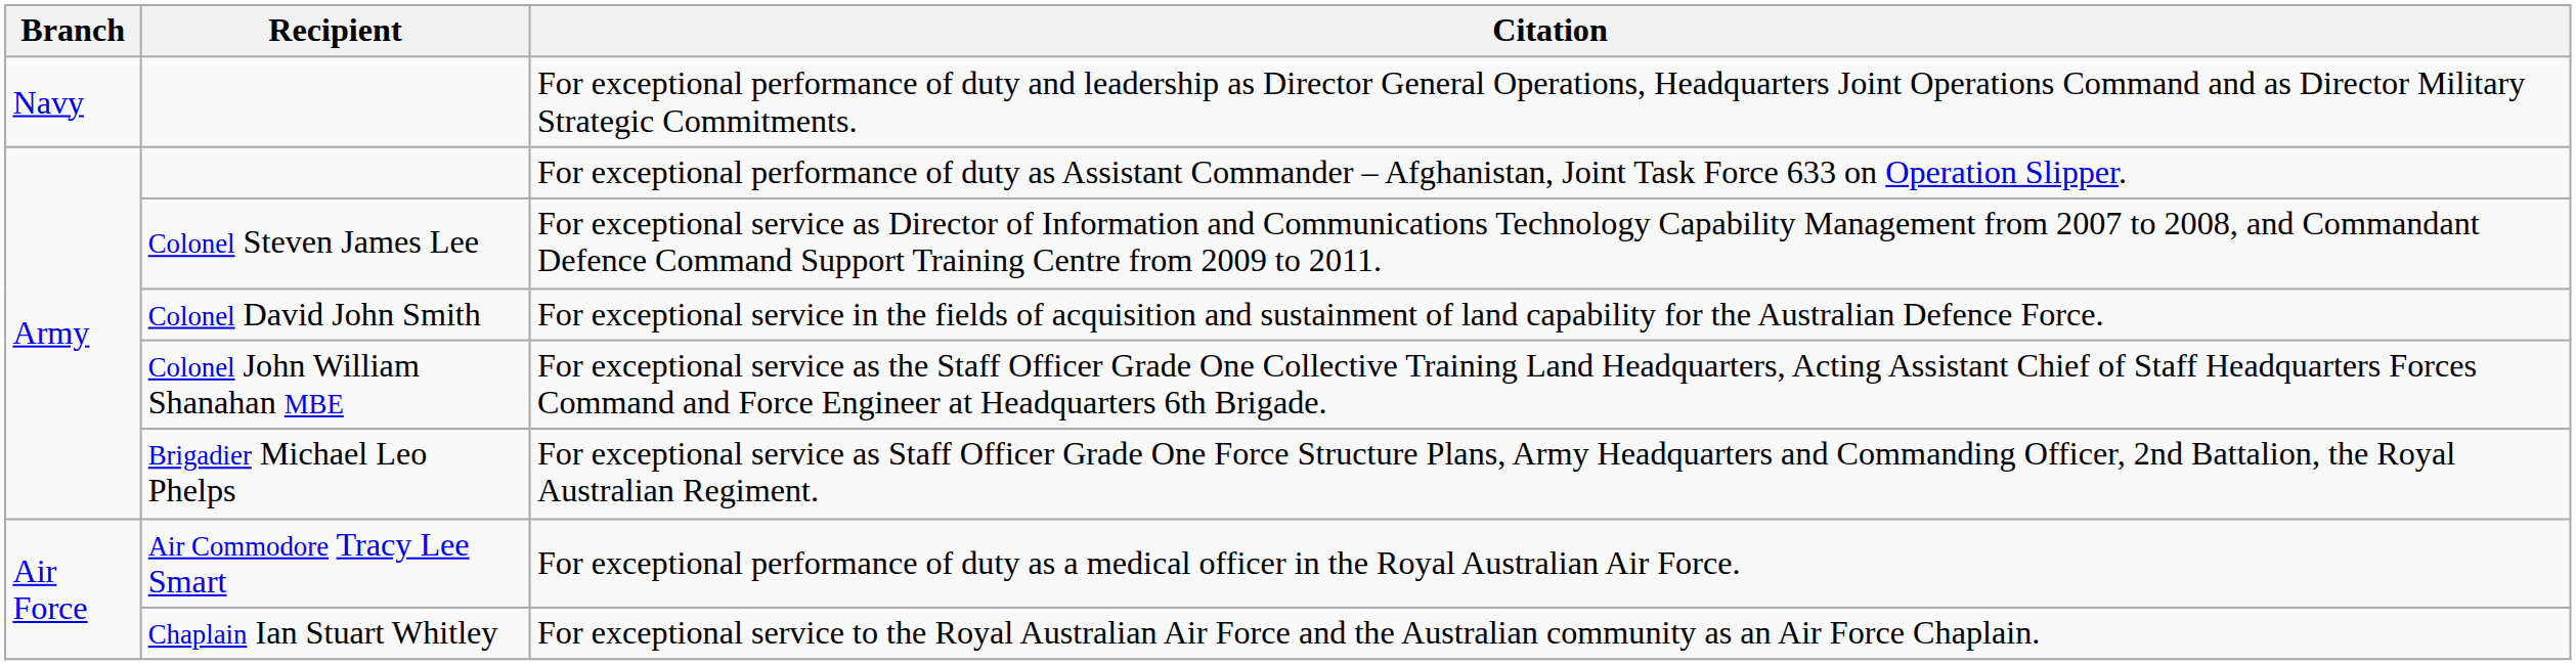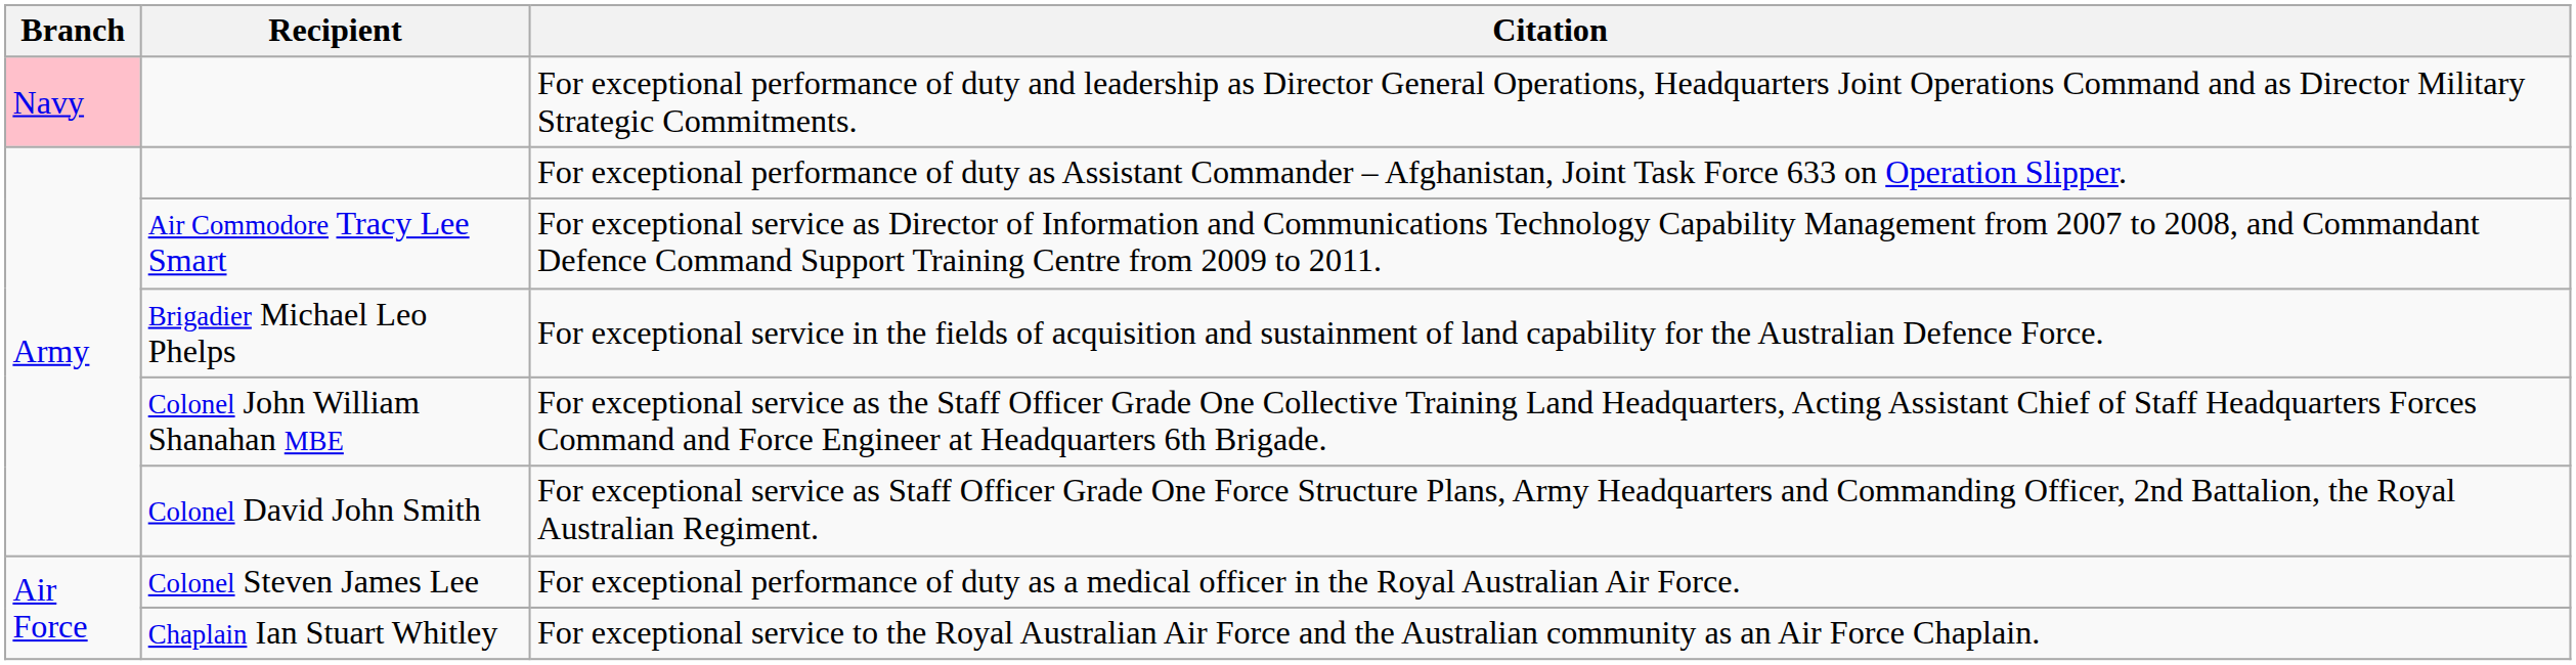 <table class=wikitable>
 <tr>
 <th>Branch</th>
 <th>Recipient</th>
 <th>Citation</th>
 </tr>
 <tr>
-<td rowspan="1"><a href='#'>Navy</a></td>
+<td rowspan="1" style="background: pink;"><a href='#'>Navy</a></td>
 <td></td>
 <td>For exceptional performance of duty and leadership as Director General Operations, Headquarters Joint Operations Command and as Director Military Strategic Commitments.</td>
 </tr>
 <tr>
 <td rowspan="5"><a href='#'>Army</a></td>
 <td></td>
 <td>For exceptional performance of duty as Assistant Commander – Afghanistan, Joint Task Force 633 on <a href='#'>Operation Slipper</a>.</td>
 </tr>
 <tr>
-<td><small><a href='#'>Colonel</a></small> Steven James Lee</td>
+<td><small><a href='#'>Air Commodore</a></small> <a href='#'>Tracy Lee Smart</a></td>
 <td>For exceptional service as Director of Information and Communications Technology Capability Management from 2007 to 2008, and Commandant Defence Command Support Training Centre from 2009 to 2011.</td>
 </tr>
 <tr>
-<td><small><a href='#'>Colonel</a></small> David John Smith</td>
+<td><small><a href='#'>Brigadier</a></small> Michael Leo Phelps</td>
 <td>For exceptional service in the fields of acquisition and sustainment of land capability for the Australian Defence Force.</td>
 </tr>
 <tr>
 <td><small><a href='#'>Colonel</a></small> John William Shanahan <small><a href='#'>MBE</a></small></td>
 <td>For exceptional service as the Staff Officer Grade One Collective Training Land Headquarters, Acting Assistant Chief of Staff Headquarters Forces Command and Force Engineer at Headquarters 6th Brigade.</td>
 </tr>
 <tr>
-<td><small><a href='#'>Brigadier</a></small> Michael Leo Phelps</td>
+<td><small><a href='#'>Colonel</a></small> David John Smith</td>
 <td>For exceptional service as Staff Officer Grade One Force Structure Plans, Army Headquarters and Commanding Officer, 2nd Battalion, the Royal Australian Regiment.</td>
 </tr>
 <tr>
 <td rowspan="2"><a href='#'>Air Force</a></td>
-<td><small><a href='#'>Air Commodore</a></small> <a href='#'>Tracy Lee Smart</a></td>
+<td><small><a href='#'>Colonel</a></small> Steven James Lee</td>
 <td>For exceptional performance of duty as a medical officer in the Royal Australian Air Force.</td>
 </tr>
 <tr>
 <td><small><a href='#'>Chaplain</a></small> Ian Stuart Whitley</td>
 <td>For exceptional service to the Royal Australian Air Force and the Australian community as an Air Force Chaplain.</td>
 </tr>
 </table>
